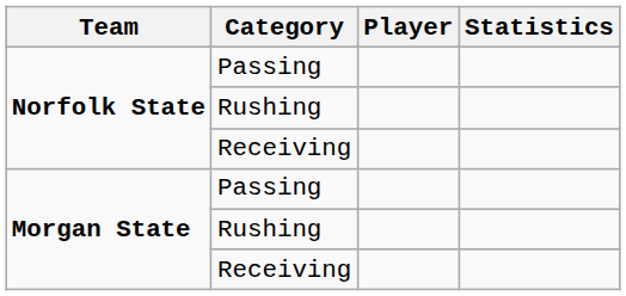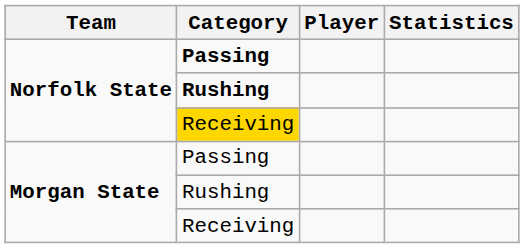 <table class="wikitable" style="float: right;">
 <tr>
 <th>Team</th>
 <th>Category</th>
 <th>Player</th>
 <th>Statistics</th>
 </tr>
 <tr>
 <td rowspan=3><strong>Norfolk State</strong></td>
-<td>Passing</td>
+<td><strong>Passing</strong></td>
 <td></td>
 <td></td>
 </tr>
 <tr>
-<td>Rushing</td>
+<td><strong>Rushing</strong></td>
 <td></td>
 <td></td>
 </tr>
 <tr>
-<td>Receiving</td>
+<td style="background: gold;">Receiving</td>
 <td></td>
 <td></td>
 </tr>
 <tr>
 <td rowspan=3><strong>Morgan State</strong></td>
 <td>Passing</td>
 <td></td>
 <td></td>
 </tr>
 <tr>
 <td>Rushing</td>
 <td></td>
 <td></td>
 </tr>
 <tr>
 <td>Receiving</td>
 <td></td>
 <td></td>
 </tr>
 </table>
